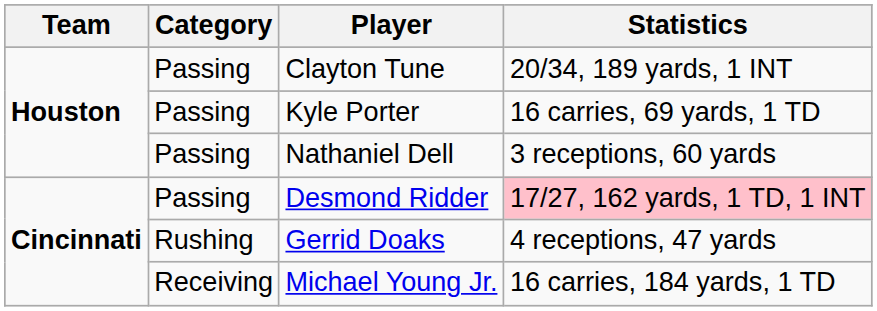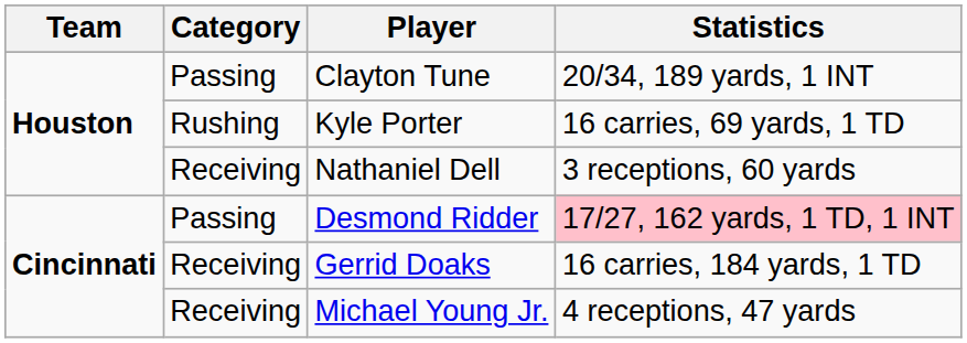 <table class="wikitable" style="float: left;">
 <tr>
 <th>Team</th>
 <th>Category</th>
 <th>Player</th>
 <th>Statistics</th>
 </tr>
 <tr>
 <td rowspan=3><strong>Houston</strong></td>
 <td>Passing</td>
 <td>Clayton Tune</td>
 <td>20/34, 189 yards, 1 INT</td>
 </tr>
 <tr>
-<td>Passing</td>
+<td>Rushing</td>
 <td>Kyle Porter</td>
 <td>16 carries, 69 yards, 1 TD</td>
 </tr>
 <tr>
-<td>Passing</td>
+<td>Receiving</td>
 <td>Nathaniel Dell</td>
 <td>3 receptions, 60 yards</td>
 </tr>
 <tr>
 <td rowspan=3><strong>Cincinnati</strong></td>
 <td>Passing</td>
 <td><a href='#'>Desmond Ridder</a></td>
 <td style="background: pink;">17/27, 162 yards, 1 TD, 1 INT</td>
 </tr>
 <tr>
-<td>Rushing</td>
+<td>Receiving</td>
 <td><a href='#'>Gerrid Doaks</a></td>
-<td>4 receptions, 47 yards</td>
+<td>16 carries, 184 yards, 1 TD</td>
 </tr>
 <tr>
 <td>Receiving</td>
 <td><a href='#'>Michael Young Jr.</a></td>
-<td>16 carries, 184 yards, 1 TD</td>
+<td>4 receptions, 47 yards</td>
 </tr>
 </table>
